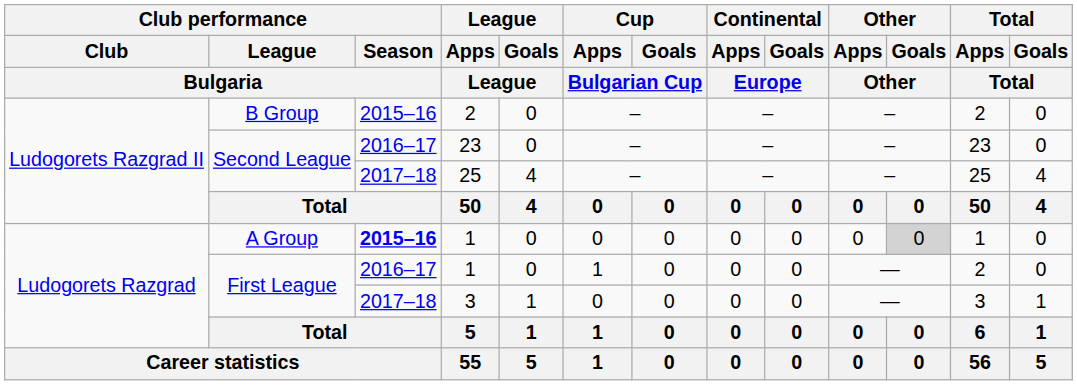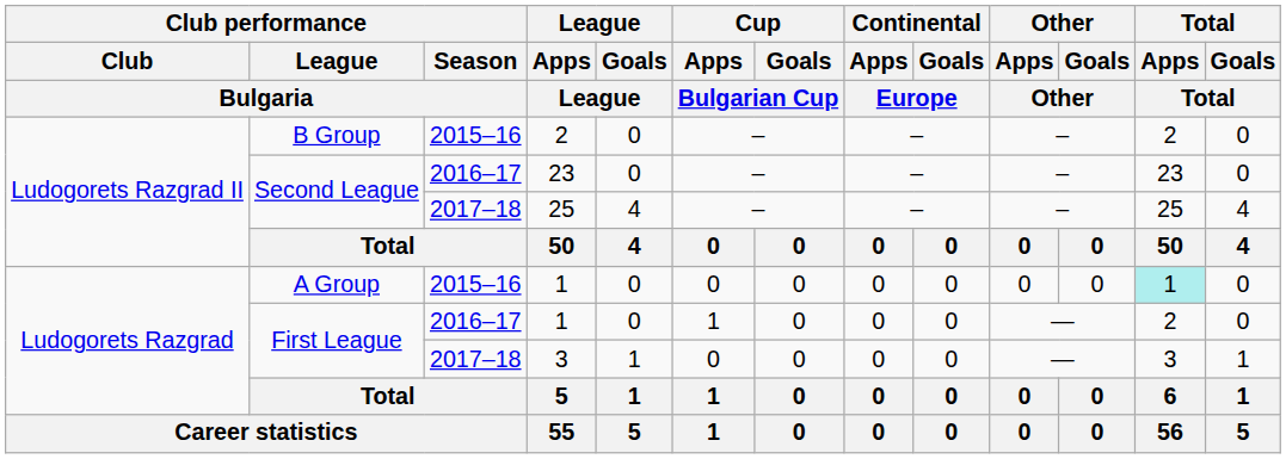 <table class="wikitable" style="text-align: center">
 <tr>
 <th Colspan="3">Club performance</th>
 <th Colspan="2">League</th>
 <th Colspan="2">Cup</th>
 <th Colspan="2">Continental</th>
 <th Colspan="2">Other</th>
 <th Colspan="3">Total</th>
 </tr>
 <tr>
 <th>Club</th>
 <th>League</th>
 <th>Season</th>
 <th>Apps</th>
 <th>Goals</th>
 <th>Apps</th>
 <th>Goals</th>
 <th>Apps</th>
 <th>Goals</th>
 <th>Apps</th>
 <th>Goals</th>
 <th>Apps</th>
 <th>Goals</th>
 </tr>
 <tr>
 <th Colspan="3">Bulgaria</th>
 <th Colspan="2">League</th>
 <th Colspan="2"><a href='#'>Bulgarian Cup</a></th>
 <th Colspan="2"><a href='#'>Europe</a></th>
 <th Colspan="2">Other</th>
 <th Colspan="2">Total</th>
 </tr>
 <tr>
 <td rowspan="4" valign="center"><a href='#'>Ludogorets Razgrad II</a></td>
 <td rowspan="1"><a href='#'>B Group</a></td>
 <td><a href='#'>2015–16</a></td>
 <td>2</td>
 <td>0</td>
 <td colspan="2">–</td>
 <td colspan="2">–</td>
 <td colspan="2">–</td>
 <td>2</td>
 <td>0</td>
 </tr>
 <tr>
 <td rowspan="2"><a href='#'>Second League</a></td>
 <td><a href='#'>2016–17</a></td>
 <td>23</td>
 <td>0</td>
 <td colspan="2">–</td>
 <td colspan="2">–</td>
 <td colspan="2">–</td>
 <td>23</td>
 <td>0</td>
 </tr>
 <tr>
 <td><a href='#'>2017–18</a></td>
 <td>25</td>
 <td>4</td>
 <td colspan="2">–</td>
 <td colspan="2">–</td>
 <td colspan="2">–</td>
 <td>25</td>
 <td>4</td>
 </tr>
 <tr>
 <th colspan=2>Total</th>
 <th>50</th>
 <th>4</th>
 <th>0</th>
 <th>0</th>
 <th>0</th>
 <th>0</th>
 <th>0</th>
 <th>0</th>
 <th>50</th>
 <th>4</th>
 </tr>
 <tr>
 <td rowspan="4" valign="center"><a href='#'>Ludogorets Razgrad</a></td>
 <td rowspan="1"><a href='#'>A Group</a></td>
-<td><strong><a href='#'>2015–16</a></strong></td>
+<td><a href='#'>2015–16</a></td>
 <td>1</td>
 <td>0</td>
 <td>0</td>
 <td>0</td>
 <td>0</td>
 <td>0</td>
 <td>0</td>
-<td style="background: lightgrey;">0</td>
-<td>1</td>
+<td>0</td>
+<td style="background: paleturquoise;">1</td>
 <td>0</td>
 </tr>
 <tr>
 <td rowspan="2"><a href='#'>First League</a></td>
 <td><a href='#'>2016–17</a></td>
 <td>1</td>
 <td>0</td>
 <td>1</td>
 <td>0</td>
 <td>0</td>
 <td>0</td>
 <td colspan="2">—</td>
 <td>2</td>
 <td>0</td>
 </tr>
 <tr>
 <td><a href='#'>2017–18</a></td>
 <td>3</td>
 <td>1</td>
 <td>0</td>
 <td>0</td>
 <td>0</td>
 <td>0</td>
 <td colspan="2">—</td>
 <td>3</td>
 <td>1</td>
 </tr>
 <tr>
 <th colspan=2>Total</th>
 <th>5</th>
 <th>1</th>
 <th>1</th>
 <th>0</th>
 <th>0</th>
 <th>0</th>
 <th>0</th>
 <th>0</th>
 <th>6</th>
 <th>1</th>
 </tr>
 <tr>
 <th colspan="3">Career statistics</th>
 <th>55</th>
 <th>5</th>
 <th>1</th>
 <th>0</th>
 <th>0</th>
 <th>0</th>
 <th>0</th>
 <th>0</th>
 <th>56</th>
 <th>5</th>
 </tr>
 </table>
